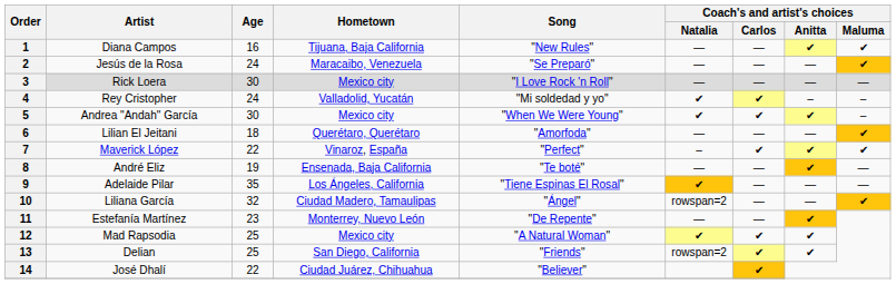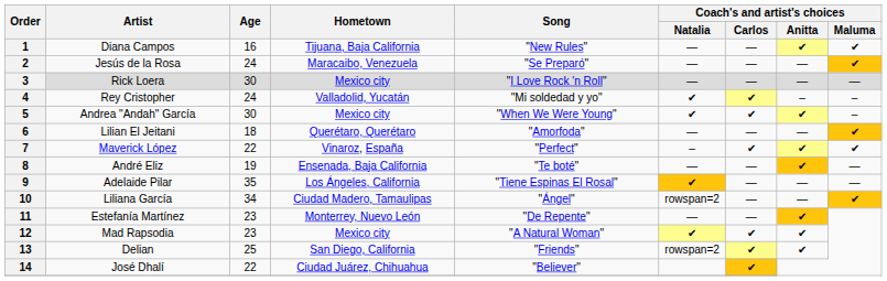 <table class="wikitable" style="text-align:center; line-height:17px; width:100%;">
 <tr>
 <th scope="col" rowspan="2" style="width:04%;">Order</th>
 <th scope="col" rowspan="2" style="width:18%;">Artist</th>
 <th scope="col" rowspan="2" style="width:04%;">Age</th>
 <th scope="col" rowspan="2" style="width:18%;">Hometown</th>
 <th scope="col" rowspan="2" style="width:20%;">Song</th>
 <th scope="col" colspan="4" style="width:24%;">Coach's and artist's choices</th>
 </tr>
 <tr>
 <th width="5%">Natalia</th>
 <th width="5%">Carlos</th>
 <th width="5%">Anitta</th>
 <th width="5%">Maluma</th>
 </tr>
 <tr>
 <th>1</th>
 <td>Diana Campos</td>
 <td>16</td>
 <td><a href='#'>Tijuana, Baja California</a></td>
 <td>"<a href='#'>New Rules</a>"</td>
 <td>—</td>
 <td>—</td>
 <td bgcolor="FDFC8F">✔</td>
 <td>✔</td>
 </tr>
 <tr>
 <th>2</th>
 <td>Jesús de la Rosa</td>
 <td>24</td>
 <td><a href='#'>Maracaibo, Venezuela</a></td>
 <td>"<a href='#'>Se Preparó</a>"</td>
 <td>—</td>
 <td>—</td>
 <td>—</td>
 <td bgcolor="FFC40C">✔</td>
 </tr>
 <tr bgcolor="DCDCDC">
 <th>3</th>
 <td>Rick Loera</td>
 <td>30</td>
 <td><a href='#'>Mexico city</a></td>
 <td>"<a href='#'>I Love Rock 'n Roll</a>"</td>
 <td>—</td>
 <td>—</td>
 <td>—</td>
 <td>—</td>
 </tr>
 <tr>
 <th>4</th>
 <td>Rey Cristopher</td>
 <td>24</td>
 <td><a href='#'>Valladolid, Yucatán</a></td>
 <td>"Mi soldedad y yo"</td>
 <td>✔</td>
 <td bgcolor="FDFC8F">✔</td>
 <td>–</td>
 <td>–</td>
 </tr>
 <tr>
 <th>5</th>
 <td>Andrea "Andah" García</td>
 <td>30</td>
 <td><a href='#'>Mexico city</a></td>
 <td>"<a href='#'>When We Were Young</a>"</td>
 <td>✔</td>
 <td>✔</td>
 <td bgcolor="FDFC8F">✔</td>
 <td>–</td>
 </tr>
 <tr>
 <th>6</th>
 <td>Lilian El Jeitani</td>
 <td>18</td>
 <td><a href='#'>Querétaro, Querétaro</a></td>
 <td>"<a href='#'>Amorfoda</a>"</td>
 <td>—</td>
 <td>—</td>
 <td>—</td>
 <td bgcolor="FFC40C">✔</td>
 </tr>
 <tr>
 <th>7</th>
 <td><a href='#'>Maverick López</a></td>
 <td>22</td>
 <td><a href='#'>Vinaroz</a>, <a href='#'>España</a></td>
 <td>"<a href='#'>Perfect</a>"</td>
 <td>–</td>
 <td>✔</td>
 <td bgcolor="FDFC8F">✔</td>
 <td>✔</td>
 </tr>
 <tr>
 <th>8</th>
 <td>André Eliz</td>
 <td>19</td>
 <td><a href='#'>Ensenada, Baja California</a></td>
 <td>"<a href='#'>Te boté</a>"</td>
 <td>—</td>
 <td>—</td>
 <td bgcolor="FFC40C">✔</td>
 <td>—</td>
 </tr>
 <tr>
 <th>9</th>
 <td>Adelaide Pilar</td>
 <td>35</td>
 <td><a href='#'>Los Ángeles, California</a></td>
 <td>"<a href='#'>Tiene Espinas El Rosal</a>"</td>
 <td bgcolor="FFC40C">✔</td>
 <td>—</td>
 <td>—</td>
 <td>—</td>
 </tr>
 <tr>
 <th>10</th>
 <td>Liliana García</td>
-<td>32</td>
+<td>34</td>
 <td><a href='#'>Ciudad Madero, Tamaulipas</a></td>
 <td>"<a href='#'>Ángel</a>"</td>
 <td>rowspan=2 </td>
 <td>—</td>
 <td>—</td>
 <td bgcolor="FFC40C">✔</td>
 </tr>
 <tr>
 <th>11</th>
 <td>Estefanía Martínez</td>
 <td>23</td>
 <td><a href='#'>Monterrey, Nuevo León</a></td>
 <td>"<a href='#'>De Repente</a>"</td>
 <td>—</td>
 <td>—</td>
 <td bgcolor="FFC40C">✔</td>
 </tr>
 <tr>
 <th>12</th>
 <td>Mad Rapsodia</td>
-<td>25</td>
+<td>23</td>
 <td><a href='#'>Mexico city</a></td>
 <td>"<a href='#'>A Natural Woman</a>"</td>
 <td bgcolor="FDFC8F">✔</td>
 <td>✔</td>
 <td>✔</td>
 </tr>
 <tr>
 <th>13</th>
 <td>Delian</td>
 <td>25</td>
 <td><a href='#'>San Diego, California</a></td>
 <td>"<a href='#'>Friends</a>"</td>
 <td>rowspan=2 </td>
 <td bgcolor="FDFC8F">✔</td>
 <td>✔</td>
 </tr>
 <tr>
 <th>14</th>
 <td>José Dhalí</td>
 <td>22</td>
 <td><a href='#'>Ciudad Juárez, Chihuahua</a></td>
 <td>"<a href='#'>Believer</a>"</td>
 <td></td>
 <td bgcolor="FFC40C">✔</td>
 </tr>
 <tr>
 </tr>
 </table>
